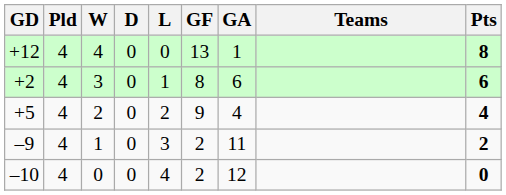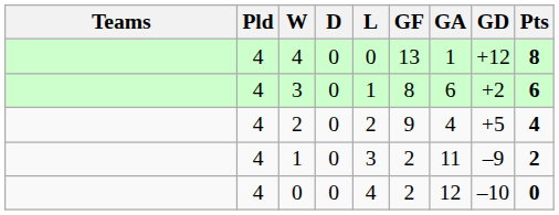 <table class="wikitable" style="text-align: center;">
 <tr>
-<th width=20>GD</th>
+<th width=165>Teams</th>
 <th width=20>Pld</th>
 <th width=20>W</th>
 <th width=20>D</th>
 <th width=20>L</th>
 <th width=20>GF</th>
 <th width=20>GA</th>
-<th width=165>Teams</th>
+<th width=20>GD</th>
 <th width=20>Pts</th>
 </tr>
 <tr align=center style="background:#ccffcc;">
-<td>+12</td>
+<td style="text-align:left;"></td>
 <td>4</td>
 <td>4</td>
 <td>0</td>
 <td>0</td>
 <td>13</td>
 <td>1</td>
-<td style="text-align:left;"></td>
+<td>+12</td>
 <td><strong>8</strong></td>
 </tr>
 <tr align=center style="background:#ccffcc;">
-<td>+2</td>
+<td style="text-align:left;"></td>
 <td>4</td>
 <td>3</td>
 <td>0</td>
 <td>1</td>
 <td>8</td>
 <td>6</td>
-<td style="text-align:left;"></td>
+<td>+2</td>
 <td><strong>6</strong></td>
 </tr>
 <tr align=center>
-<td>+5</td>
+<td style="text-align:left;"></td>
 <td>4</td>
 <td>2</td>
 <td>0</td>
 <td>2</td>
 <td>9</td>
 <td>4</td>
-<td style="text-align:left;"></td>
+<td>+5</td>
 <td><strong>4</strong></td>
 </tr>
 <tr align=center>
-<td>–9</td>
+<td style="text-align:left;"></td>
 <td>4</td>
 <td>1</td>
 <td>0</td>
 <td>3</td>
 <td>2</td>
 <td>11</td>
-<td style="text-align:left;"></td>
+<td>–9</td>
 <td><strong>2</strong></td>
 </tr>
 <tr align=center>
-<td>–10</td>
+<td style="text-align:left;"></td>
 <td>4</td>
 <td>0</td>
 <td>0</td>
 <td>4</td>
 <td>2</td>
 <td>12</td>
-<td style="text-align:left;"></td>
+<td>–10</td>
 <td><strong>0</strong></td>
 </tr>
 </table>
